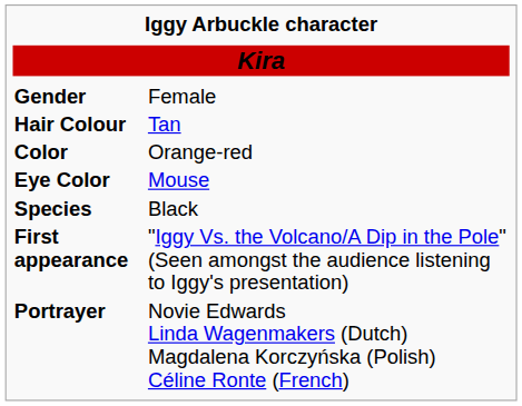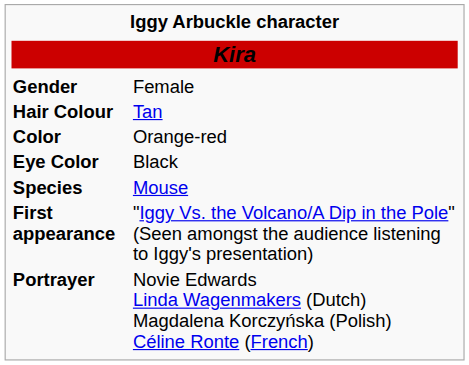 <table class="infobox" style="width: 25em;">
 <tr>
 <td colspan="2" style="text-align:center;"><strong>Iggy Arbuckle character</strong></td>
 </tr>
 <tr>
 <td colspan="2" style="text-align:center;"></td>
 </tr>
 <tr>
 <th colspan="2" style="font-size: larger; background-color:#c00; color:#000;"><strong><em>Kira</em></strong></th>
 </tr>
 <tr>
 <td colspan="2"></td>
 </tr>
 <tr>
 <td><strong>Gender</strong></td>
 <td>Female</td>
 </tr>
 <tr>
 <td><strong>Hair Colour</strong></td>
 <td><a href='#'>Tan</a></td>
 </tr>
 <tr>
 <td><strong>Color</strong></td>
 <td>Orange-red</td>
 </tr>
 <tr>
 <td><strong>Eye Color</strong></td>
-<td><a href='#'>Mouse</a></td>
+<td>Black</td>
 </tr>
 <tr>
 <td><strong>Species</strong></td>
-<td>Black</td>
+<td><a href='#'>Mouse</a></td>
 </tr>
 <tr>
 <td><strong>First appearance</strong></td>
 <td>"<a href='#'>Iggy Vs. the Volcano/A Dip in the Pole</a>" (Seen amongst the audience listening to Iggy's presentation)</td>
 </tr>
 <tr>
 <td><strong>Portrayer</strong></td>
 <td>Novie Edwards<br><a href='#'>Linda Wagenmakers</a> (Dutch)<br>Magdalena Korczyńska (Polish) <br><a href='#'>Céline Ronte</a> (<a href='#'>French</a>)</td>
 </tr>
 </table>
